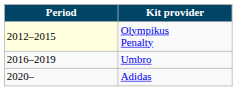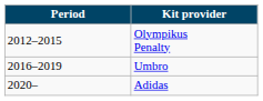 <table class="wikitable" style="text-align: left">
 <tr>
 <th style="color:#FFFFFF; background-color:#004466; width:10em">Period</th>
 <th style="color:#FFFFFF; background-color:#004466; width:10em">Kit provider</th>
 </tr>
 <tr>
-<td style="background: lightyellow;">2012–2015</td>
+<td>2012–2015</td>
 <td><a href='#'>Olympikus</a><br><a href='#'>Penalty</a></td>
 </tr>
 <tr>
 <td>2016–2019</td>
 <td><a href='#'>Umbro</a></td>
 </tr>
 <tr>
 <td>2020–</td>
 <td><a href='#'>Adidas</a></td>
 </tr>
 </table>
